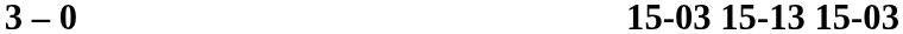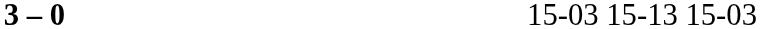 <table width=100% cellspacing=1>
 <tr>
 <th width=20%></th>
 <th width=12%></th>
 <th width=20%></th>
 <th width=33%></th>
 <td></td>
 </tr>
 <tr style=font-size:90%>
 <td align=right></td>
 <td align=center><strong>3 – 0</strong></td>
 <td></td>
-<td><strong>15-03 15-13 15-03</strong></td>
+<td>15-03 15-13 15-03</td>
 </tr>
 </table>
